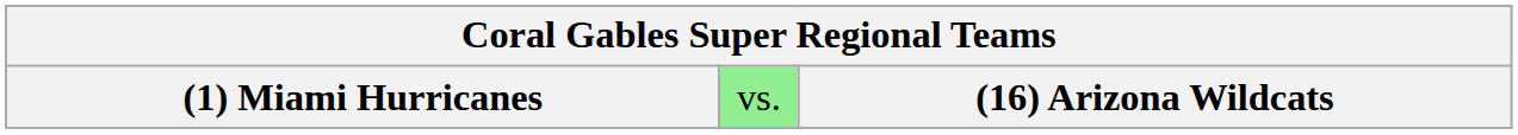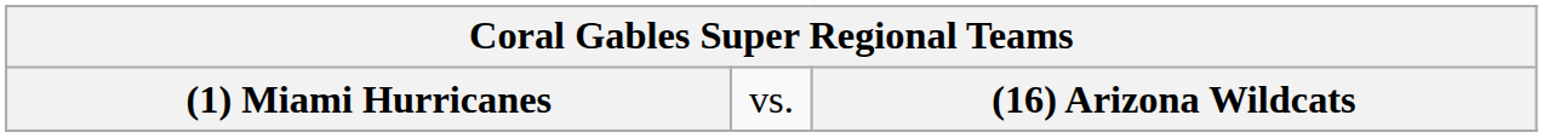 <table class="wikitable">
 <tr>
 <th style="width: 604px;" colspan=3>Coral Gables Super Regional Teams</th>
 </tr>
 <tr>
 <th style="width: 289px; ">(1) Miami Hurricanes</th>
-<td style="background: lightgreen; width: 25px; text-align:center">vs.</td>
+<td style="width: 25px; text-align:center">vs.</td>
 <th style="width: 289px; ">(16) Arizona Wildcats</th>
 </tr>
 </table>
